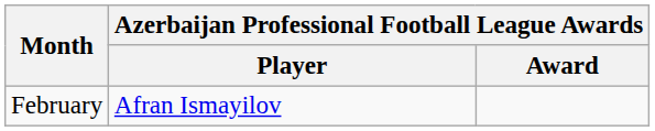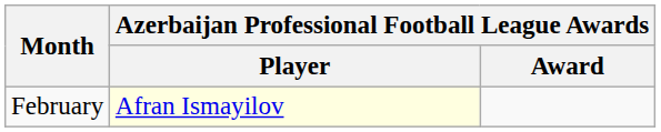 <table class="wikitable">
 <tr>
 <th rowspan=2>Month</th>
 <th colspan=2>Azerbaijan Professional Football League Awards</th>
 </tr>
 <tr>
 <th>Player</th>
 <th>Award</th>
 </tr>
 <tr>
 <td>February</td>
-<td> <a href='#'>Afran Ismayilov</a></td>
+<td style="background: lightyellow;"> <a href='#'>Afran Ismayilov</a></td>
 <td></td>
 </tr>
 </table>
